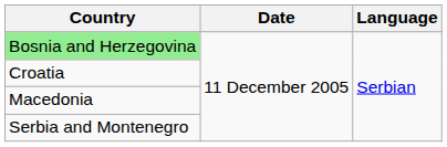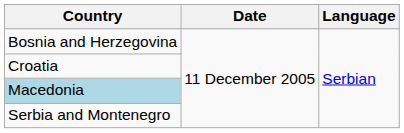 <table class="wikitable">
 <tr>
 <th>Country</th>
 <th>Date</th>
 <th>Language</th>
 </tr>
 <tr>
-<td style="background: lightgreen;">Bosnia and Herzegovina</td>
+<td>Bosnia and Herzegovina</td>
 <td rowspan="4">11 December 2005</td>
 <td rowspan="4"><a href='#'>Serbian</a></td>
 </tr>
 <tr>
 <td>Croatia</td>
 </tr>
 <tr>
-<td>Macedonia</td>
+<td style="background: lightblue;">Macedonia</td>
 </tr>
 <tr>
 <td>Serbia and Montenegro</td>
 </tr>
 </table>
